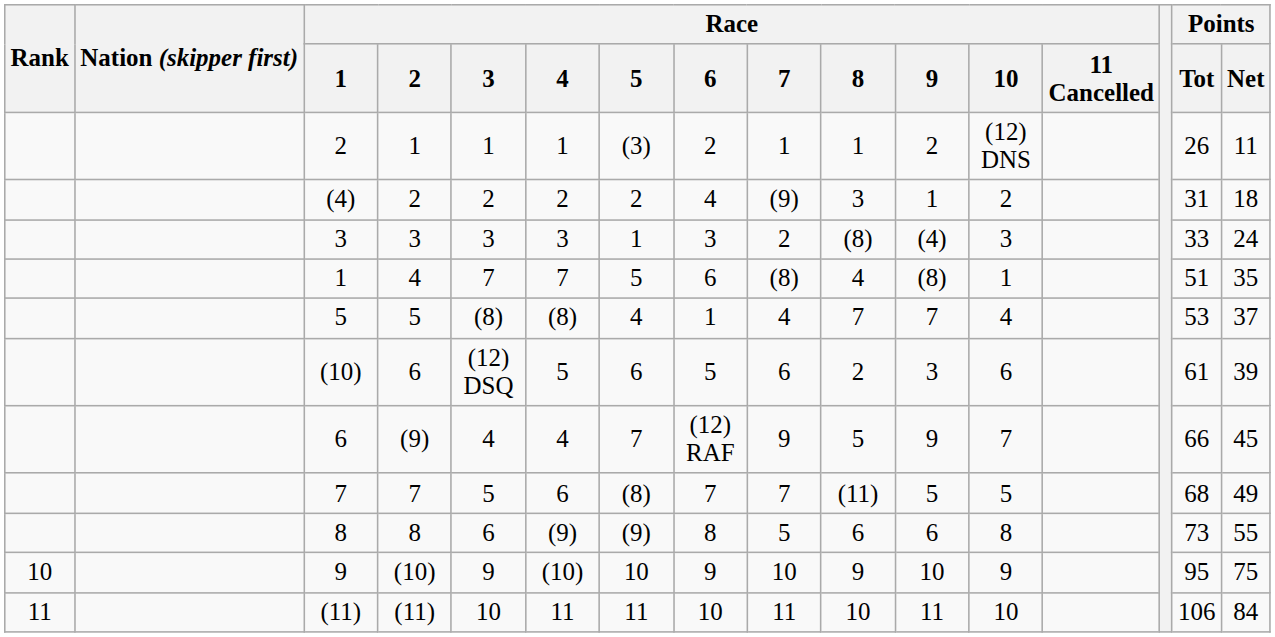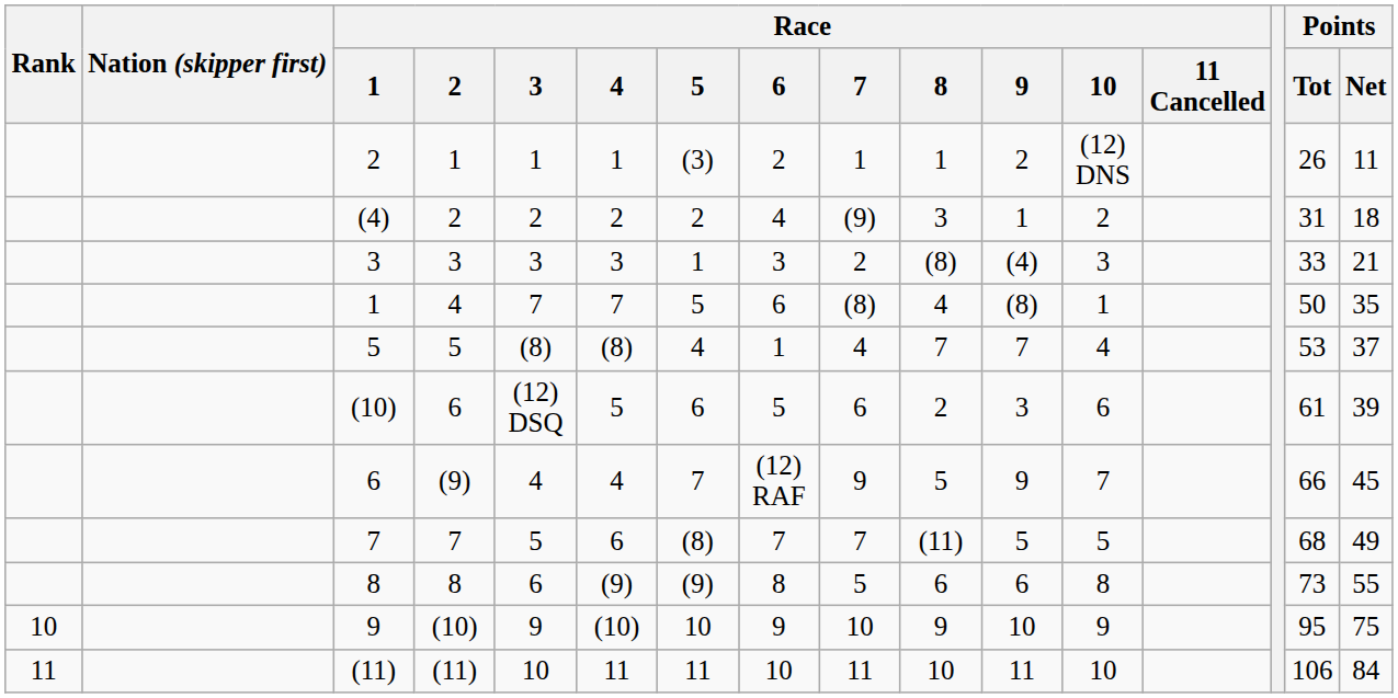 <table class="wikitable" style="text-align:center">
 <tr>
 <th rowspan="2">Rank</th>
 <th rowspan="2">Nation <em>(skipper first)</em></th>
 <th colspan="11">Race</th>
 <th width=1% rowspan=45></th>
 <th colspan="2">Points</th>
 </tr>
 <tr>
 <th width=40>1</th>
 <th width=40>2</th>
 <th width=40>3</th>
 <th width=40>4</th>
 <th width=40>5</th>
 <th width=40>6</th>
 <th width=40>7</th>
 <th width=40>8</th>
 <th width=40>9</th>
 <th width=40>10</th>
 <th width=40>11 Cancelled</th>
 <th>Tot</th>
 <th>Net</th>
 </tr>
 <tr>
 <td></td>
 <td align=left></td>
 <td>2</td>
 <td>1</td>
 <td>1</td>
 <td>1</td>
 <td>(3)</td>
 <td>2</td>
 <td>1</td>
 <td>1</td>
 <td>2</td>
 <td>(12)<br>DNS</td>
 <td></td>
 <td>26</td>
 <td>11</td>
 </tr>
 <tr>
 <td></td>
 <td align=left></td>
 <td>(4)</td>
 <td>2</td>
 <td>2</td>
 <td>2</td>
 <td>2</td>
 <td>4</td>
 <td>(9)</td>
 <td>3</td>
 <td>1</td>
 <td>2</td>
 <td></td>
 <td>31</td>
 <td>18</td>
 </tr>
 <tr>
 <td></td>
 <td align=left></td>
 <td>3</td>
 <td>3</td>
 <td>3</td>
 <td>3</td>
 <td>1</td>
 <td>3</td>
 <td>2</td>
 <td>(8)</td>
 <td>(4)</td>
 <td>3</td>
 <td></td>
 <td>33</td>
-<td>24</td>
+<td>21</td>
 </tr>
 <tr>
 <td></td>
 <td align=left></td>
 <td>1</td>
 <td>4</td>
 <td>7</td>
 <td>7</td>
 <td>5</td>
 <td>6</td>
 <td>(8)</td>
 <td>4</td>
 <td>(8)</td>
 <td>1</td>
 <td></td>
-<td>51</td>
+<td>50</td>
 <td>35</td>
 </tr>
 <tr>
 <td></td>
 <td align=left></td>
 <td>5</td>
 <td>5</td>
 <td>(8)</td>
 <td>(8)</td>
 <td>4</td>
 <td>1</td>
 <td>4</td>
 <td>7</td>
 <td>7</td>
 <td>4</td>
 <td></td>
 <td>53</td>
 <td>37</td>
 </tr>
 <tr>
 <td></td>
 <td align=left></td>
 <td>(10)</td>
 <td>6</td>
 <td>(12)<br>DSQ</td>
 <td>5</td>
 <td>6</td>
 <td>5</td>
 <td>6</td>
 <td>2</td>
 <td>3</td>
 <td>6</td>
 <td></td>
 <td>61</td>
 <td>39</td>
 </tr>
 <tr>
 <td></td>
 <td align=left></td>
 <td>6</td>
 <td>(9)</td>
 <td>4</td>
 <td>4</td>
 <td>7</td>
 <td>(12)<br>RAF</td>
 <td>9</td>
 <td>5</td>
 <td>9</td>
 <td>7</td>
 <td></td>
 <td>66</td>
 <td>45</td>
 </tr>
 <tr>
 <td></td>
 <td align=left></td>
 <td>7</td>
 <td>7</td>
 <td>5</td>
 <td>6</td>
 <td>(8)</td>
 <td>7</td>
 <td>7</td>
 <td>(11)</td>
 <td>5</td>
 <td>5</td>
 <td></td>
 <td>68</td>
 <td>49</td>
 </tr>
 <tr>
 <td></td>
 <td align=left></td>
 <td>8</td>
 <td>8</td>
 <td>6</td>
 <td>(9)</td>
 <td>(9)</td>
 <td>8</td>
 <td>5</td>
 <td>6</td>
 <td>6</td>
 <td>8</td>
 <td></td>
 <td>73</td>
 <td>55</td>
 </tr>
 <tr>
 <td>10</td>
 <td align=left></td>
 <td>9</td>
 <td>(10)</td>
 <td>9</td>
 <td>(10)</td>
 <td>10</td>
 <td>9</td>
 <td>10</td>
 <td>9</td>
 <td>10</td>
 <td>9</td>
 <td></td>
 <td>95</td>
 <td>75</td>
 </tr>
 <tr>
 <td>11</td>
 <td align=left></td>
 <td>(11)</td>
 <td>(11)</td>
 <td>10</td>
 <td>11</td>
 <td>11</td>
 <td>10</td>
 <td>11</td>
 <td>10</td>
 <td>11</td>
 <td>10</td>
 <td></td>
 <td>106</td>
 <td>84</td>
 </tr>
 </table>
